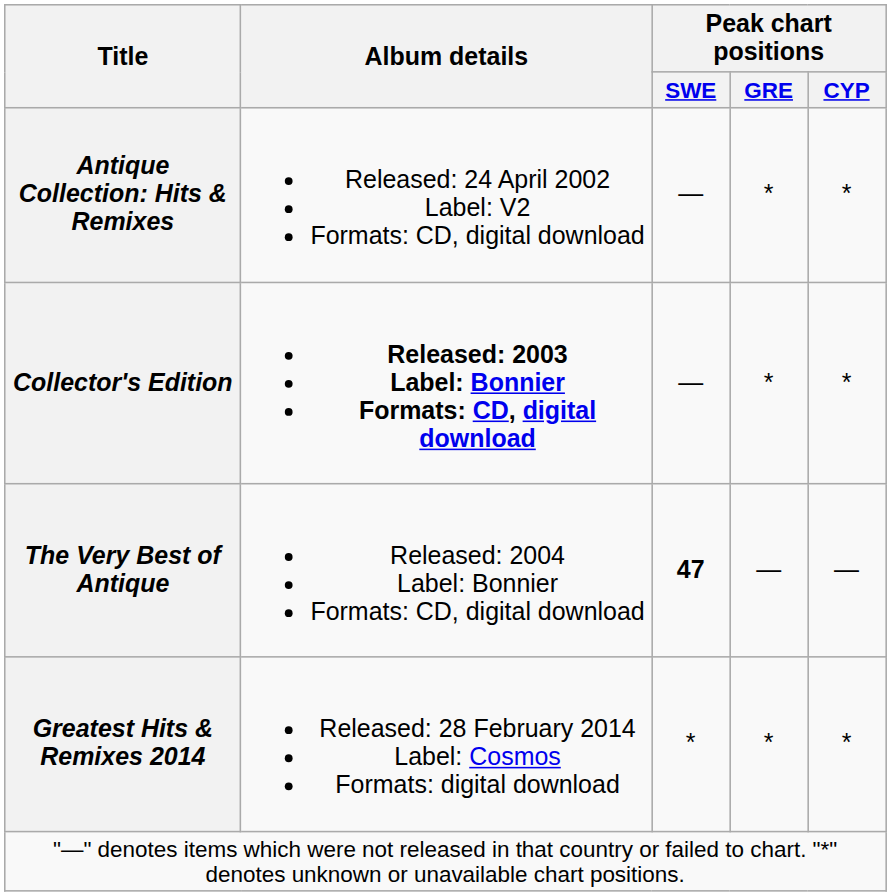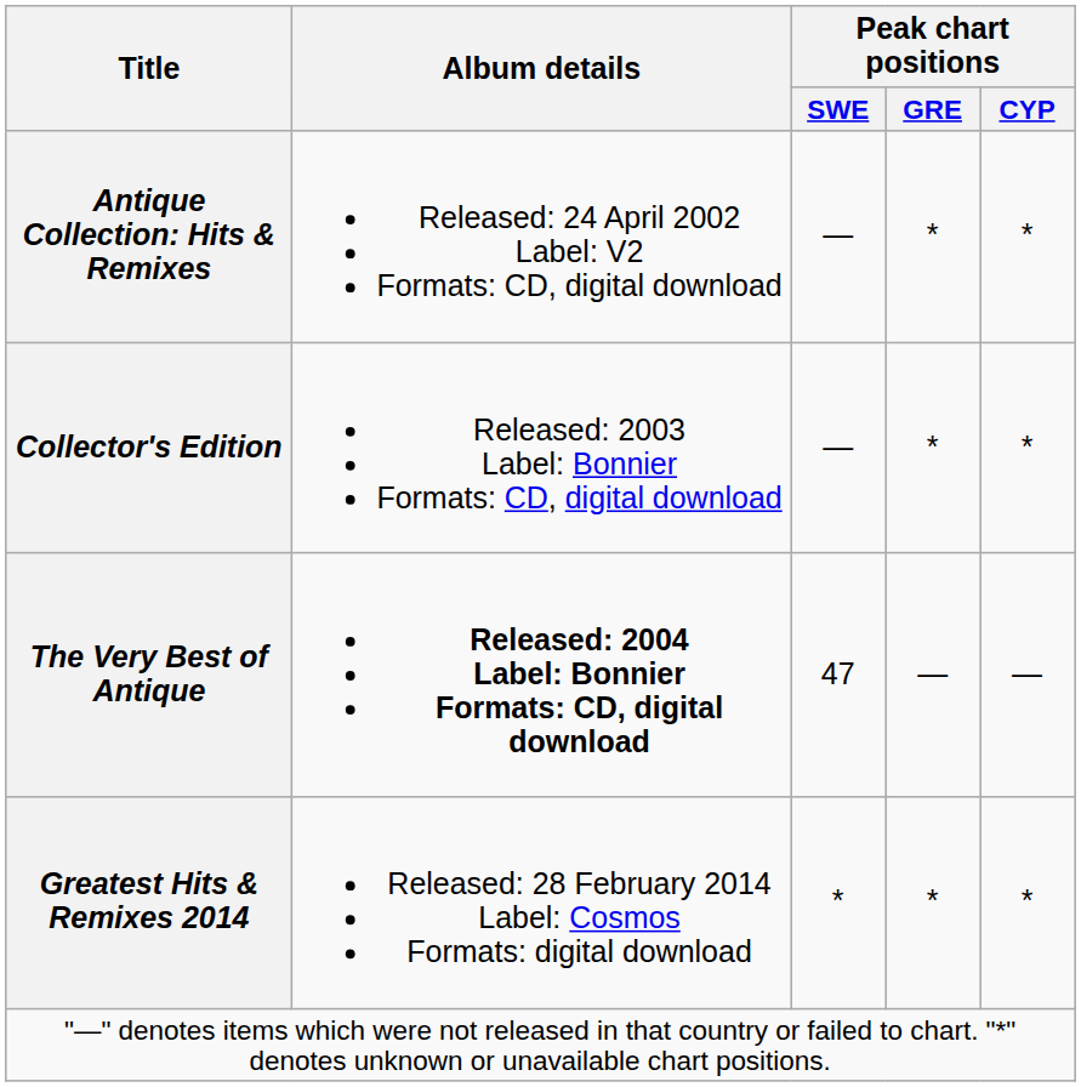 <table class="wikitable plainrowheaders" style="text-align:center;" border="1">
 <tr>
 <th scope="col" rowspan="2" style="width:9em;">Title</th>
 <th scope="col" rowspan="2" style="width:16em;">Album details</th>
 <th scope="col" colspan="3">Peak chart positions</th>
 </tr>
 <tr>
 <th scope="col" style="width:3em;font-size:90%;"><a href='#'>SWE</a><br></th>
 <th scope="col" style="width:3em;font-size:90%;"><a href='#'>GRE</a></th>
 <th scope="col" style="width:3em;font-size:90%;"><a href='#'>CYP</a></th>
 </tr>
 <tr>
 <th scope="row"><em>Antique Collection: Hits & Remixes</em></th>
 <td><br><ul><li>Released: 24 April 2002</li><li>Label: V2</li><li>Formats: CD, digital download</li></ul></td>
 <td>—</td>
 <td>*</td>
 <td>*</td>
 </tr>
 <tr>
 <th scope="row"><em>Collector's Edition</em></th>
-<td><strong><br><ul><li>Released: 2003</li><li>Label: <a href='#'>Bonnier</a></li><li>Formats: <a href='#'>CD</a>, <a href='#'>digital download</a></li></ul></strong></td>
+<td><br><ul><li>Released: 2003</li><li>Label: <a href='#'>Bonnier</a></li><li>Formats: <a href='#'>CD</a>, <a href='#'>digital download</a></li></ul></td>
 <td>—</td>
 <td>*</td>
 <td>*</td>
 </tr>
 <tr>
 <th scope="row"><em>The Very Best of Antique</em></th>
-<td><br><ul><li>Released: 2004</li><li>Label: Bonnier</li><li>Formats: CD, digital download</li></ul></td>
-<td><strong>47</strong></td>
+<td><strong><br><ul><li>Released: 2004</li><li>Label: Bonnier</li><li>Formats: CD, digital download</li></ul></strong></td>
+<td>47</td>
 <td>—</td>
 <td>—</td>
 </tr>
 <tr>
 <th scope="row"><em>Greatest Hits & Remixes 2014</em></th>
 <td><br><ul><li>Released: 28 February 2014</li><li>Label: <a href='#'>Cosmos</a></li><li>Formats: digital download</li></ul></td>
 <td>*</td>
 <td>*</td>
 <td>*</td>
 </tr>
 <tr>
 <td colspan="14" style="font-size:90%;">"—" denotes items which were not released in that country or failed to chart. "*" denotes unknown or unavailable chart positions.</td>
 </tr>
 </table>
